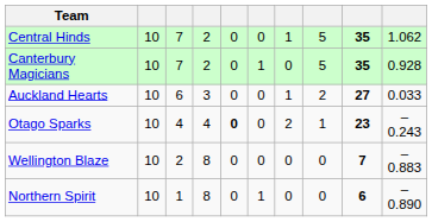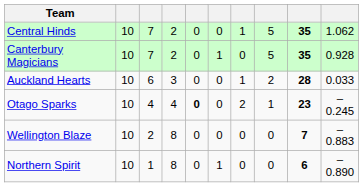 <table class="wikitable" style="text-align:center">
 <tr>
 <th width="150">Team</th>
 <th width="25"></th>
 <th width="25"></th>
 <th width="25"></th>
 <th width="25"></th>
 <th width="25"></th>
 <th width="25"></th>
 <th width="40"></th>
 <th width="40"></th>
 <th width="45"></th>
 </tr>
 <tr style="background:#cfc">
 <td style="text-align:left"><a href='#'>Central Hinds</a></td>
 <td>10</td>
 <td>7</td>
 <td>2</td>
 <td>0</td>
 <td>0</td>
 <td>1</td>
 <td>5</td>
 <td><strong>35</strong></td>
 <td>1.062</td>
 </tr>
 <tr style="background:#cfc">
 <td style="text-align:left"><a href='#'>Canterbury Magicians</a></td>
 <td>10</td>
 <td>7</td>
 <td>2</td>
 <td>0</td>
 <td>1</td>
 <td>0</td>
 <td>5</td>
 <td><strong>35</strong></td>
 <td>0.928</td>
 </tr>
 <tr>
 <td style="text-align:left"><a href='#'>Auckland Hearts</a></td>
 <td>10</td>
 <td>6</td>
 <td>3</td>
 <td>0</td>
 <td>0</td>
 <td>1</td>
 <td>2</td>
-<td><strong>27</strong></td>
+<td><strong>28</strong></td>
 <td>0.033</td>
 </tr>
 <tr>
 <td style="text-align:left"><a href='#'>Otago Sparks</a></td>
 <td>10</td>
 <td>4</td>
 <td>4</td>
 <td><strong>0</strong></td>
 <td>0</td>
 <td>2</td>
 <td>1</td>
 <td><strong>23</strong></td>
-<td>–0.243</td>
+<td>–0.245</td>
 </tr>
 <tr>
 <td style="text-align:left"><a href='#'>Wellington Blaze</a></td>
 <td>10</td>
 <td>2</td>
 <td>8</td>
 <td>0</td>
 <td>0</td>
 <td>0</td>
 <td>0</td>
 <td><strong>7</strong></td>
 <td>–0.883</td>
 </tr>
 <tr>
 <td style="text-align:left"><a href='#'>Northern Spirit</a></td>
 <td>10</td>
 <td>1</td>
 <td>8</td>
 <td>0</td>
 <td>1</td>
 <td>0</td>
 <td>0</td>
 <td><strong>6</strong></td>
 <td>–0.890</td>
 </tr>
 </table>
